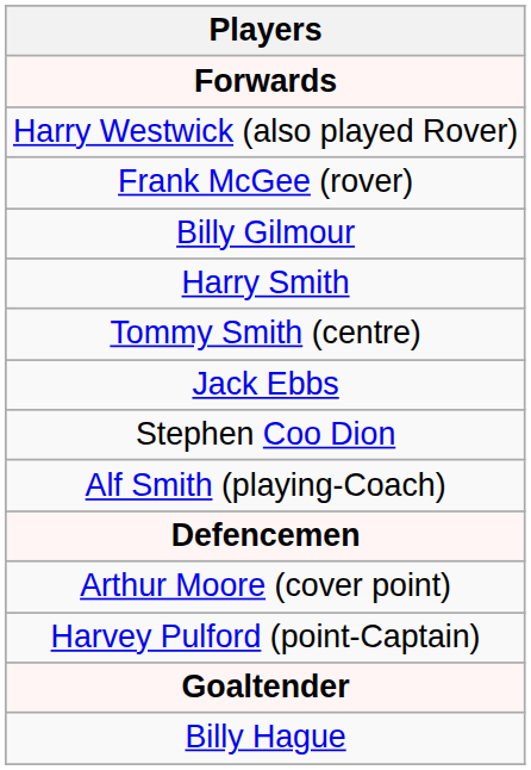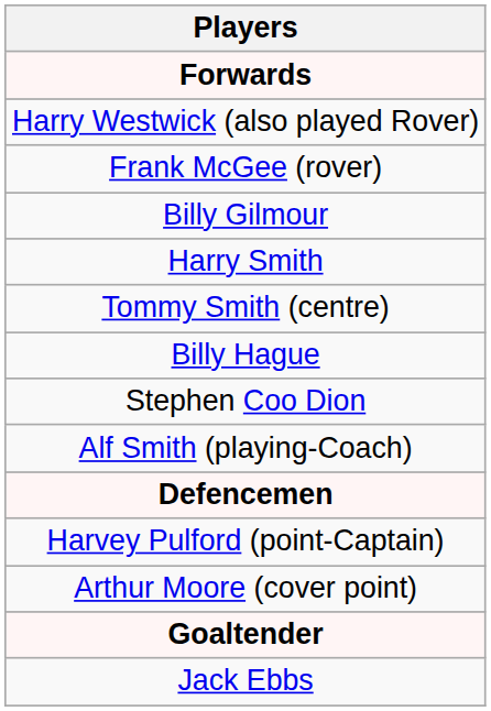 <table class="wikitable" style="text-align:center;">
 <tr>
 <th>Players</th>
 </tr>
 <tr style="font-weight:bold; background-color:#FFF5F5;">
 <td colspan="1" align="center"><strong>Forwards</strong></td>
 </tr>
 <tr>
 <td><a href='#'>Harry Westwick</a> (also played Rover)</td>
 </tr>
 <tr>
 <td><a href='#'>Frank McGee</a> (rover)</td>
 </tr>
 <tr>
 <td><a href='#'>Billy Gilmour</a></td>
 </tr>
 <tr>
 <td><a href='#'>Harry Smith</a></td>
 </tr>
 <tr>
 <td><a href='#'>Tommy Smith</a> (centre)</td>
 </tr>
 <tr>
-<td><a href='#'>Jack Ebbs</a></td>
+<td><a href='#'>Billy Hague</a></td>
 </tr>
 <tr>
 <td>Stephen <a href='#'>Coo Dion</a></td>
 </tr>
 <tr>
 <td><a href='#'>Alf Smith</a> (playing-Coach)</td>
 </tr>
 <tr style="font-weight:bold; background-color:#FFF5F5;">
 <td colspan="1" align="center"><strong>Defencemen</strong></td>
 </tr>
 <tr>
-<td><a href='#'>Arthur Moore</a> (cover point)</td>
+<td><a href='#'>Harvey Pulford</a> (point-Captain)</td>
 </tr>
 <tr>
-<td><a href='#'>Harvey Pulford</a> (point-Captain)</td>
+<td><a href='#'>Arthur Moore</a> (cover point)</td>
 </tr>
 <tr style="font-weight:bold; background-color:#FFF5F5;">
 <td colspan="1" align="center"><strong>Goaltender</strong></td>
 </tr>
 <tr>
-<td><a href='#'>Billy Hague</a></td>
+<td><a href='#'>Jack Ebbs</a></td>
 </tr>
 </table>
